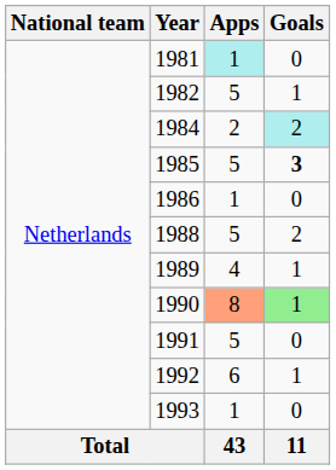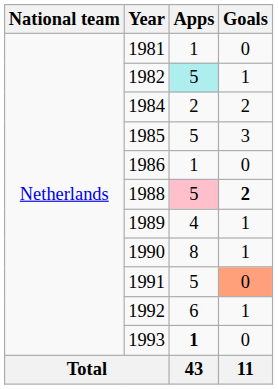 <table class="wikitable" style="text-align:center">
 <tr>
 <th>National team</th>
 <th>Year</th>
 <th>Apps</th>
 <th>Goals</th>
 </tr>
 <tr>
 <td rowspan="11"><a href='#'>Netherlands</a></td>
 <td>1981</td>
-<td style="background: paleturquoise;">1</td>
+<td>1</td>
 <td>0</td>
 </tr>
 <tr>
 <td>1982</td>
-<td>5</td>
+<td style="background: paleturquoise;">5</td>
 <td>1</td>
 </tr>
 <tr>
 <td>1984</td>
 <td>2</td>
-<td style="background: paleturquoise;">2</td>
+<td>2</td>
 </tr>
 <tr>
 <td>1985</td>
 <td>5</td>
-<td><strong>3</strong></td>
+<td>3</td>
 </tr>
 <tr>
 <td>1986</td>
 <td>1</td>
 <td>0</td>
 </tr>
 <tr>
 <td>1988</td>
-<td>5</td>
-<td>2</td>
+<td style="background: pink;">5</td>
+<td><strong>2</strong></td>
 </tr>
 <tr>
 <td>1989</td>
 <td>4</td>
 <td>1</td>
 </tr>
 <tr>
 <td>1990</td>
-<td style="background: lightsalmon;">8</td>
-<td style="background: lightgreen;">1</td>
+<td>8</td>
+<td>1</td>
 </tr>
 <tr>
 <td>1991</td>
 <td>5</td>
-<td>0</td>
+<td style="background: lightsalmon;">0</td>
 </tr>
 <tr>
 <td>1992</td>
 <td>6</td>
 <td>1</td>
 </tr>
 <tr>
 <td>1993</td>
-<td>1</td>
+<td><strong>1</strong></td>
 <td>0</td>
 </tr>
 <tr>
 <th colspan="2">Total</th>
 <th>43</th>
 <th>11</th>
 </tr>
 </table>
